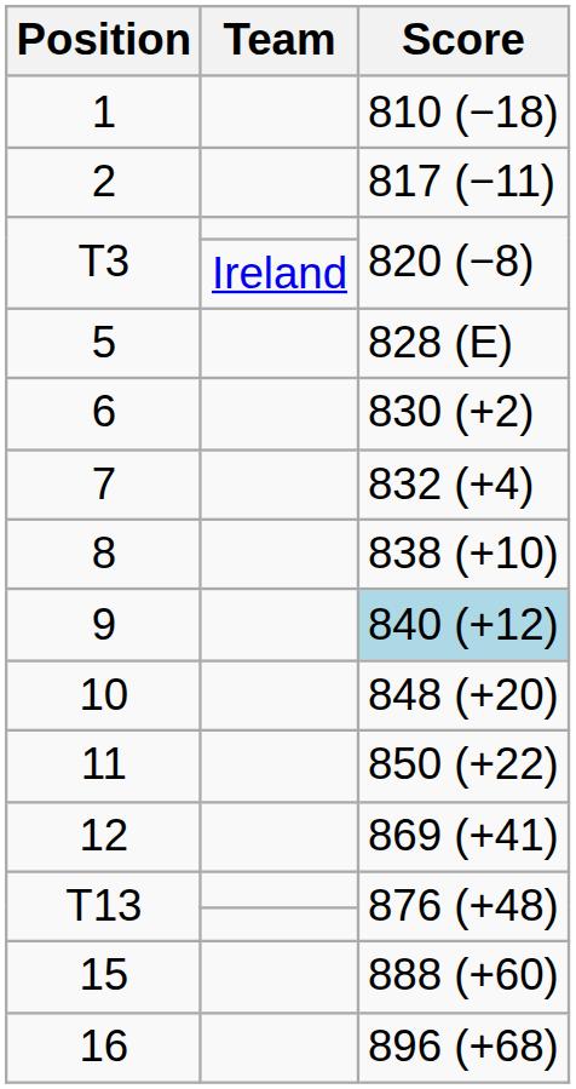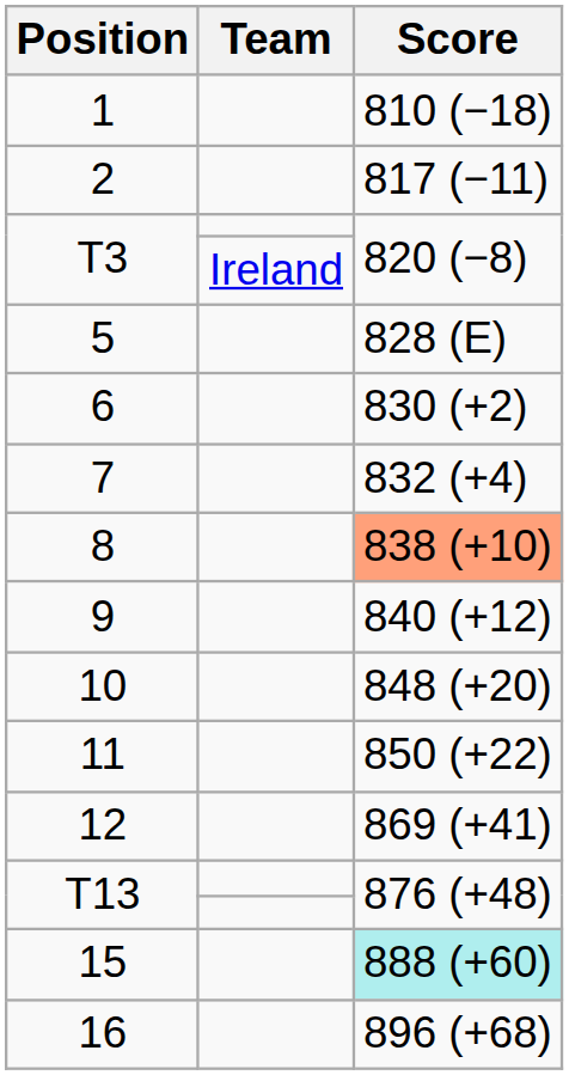 <table class="wikitable">
 <tr>
 <th>Position</th>
 <th>Team</th>
 <th>Score</th>
 </tr>
 <tr>
 <td align="center">1</td>
 <td></td>
 <td>810 (−18)</td>
 </tr>
 <tr>
 <td align="center">2</td>
 <td></td>
 <td>817 (−11)</td>
 </tr>
 <tr>
 <td rowspan="2" align="center">T3</td>
 <td></td>
 <td rowspan="2">820 (−8)</td>
 </tr>
 <tr>
 <td> <a href='#'>Ireland</a></td>
 </tr>
 <tr>
 <td align="center">5</td>
 <td></td>
 <td>828 (E)</td>
 </tr>
 <tr>
 <td align="center">6</td>
 <td></td>
 <td>830 (+2)</td>
 </tr>
 <tr>
 <td align="center">7</td>
 <td></td>
 <td>832 (+4)</td>
 </tr>
 <tr>
 <td align="center">8</td>
 <td></td>
-<td>838 (+10)</td>
+<td style="background: lightsalmon;">838 (+10)</td>
 </tr>
 <tr>
 <td align="center">9</td>
 <td></td>
-<td style="background: lightblue;">840 (+12)</td>
+<td>840 (+12)</td>
 </tr>
 <tr>
 <td align="center">10</td>
 <td></td>
 <td>848 (+20)</td>
 </tr>
 <tr>
 <td align="center">11</td>
 <td></td>
 <td>850 (+22)</td>
 </tr>
 <tr>
 <td align="center">12</td>
 <td></td>
 <td>869 (+41)</td>
 </tr>
 <tr>
 <td rowspan="2" align="center">T13</td>
 <td></td>
 <td rowspan="2">876 (+48)</td>
 </tr>
 <tr>
 <td></td>
 </tr>
 <tr>
 <td align="center">15</td>
 <td></td>
-<td>888 (+60)</td>
+<td style="background: paleturquoise;">888 (+60)</td>
 </tr>
 <tr>
 <td align="center">16</td>
 <td></td>
 <td>896 (+68)</td>
 </tr>
 </table>
